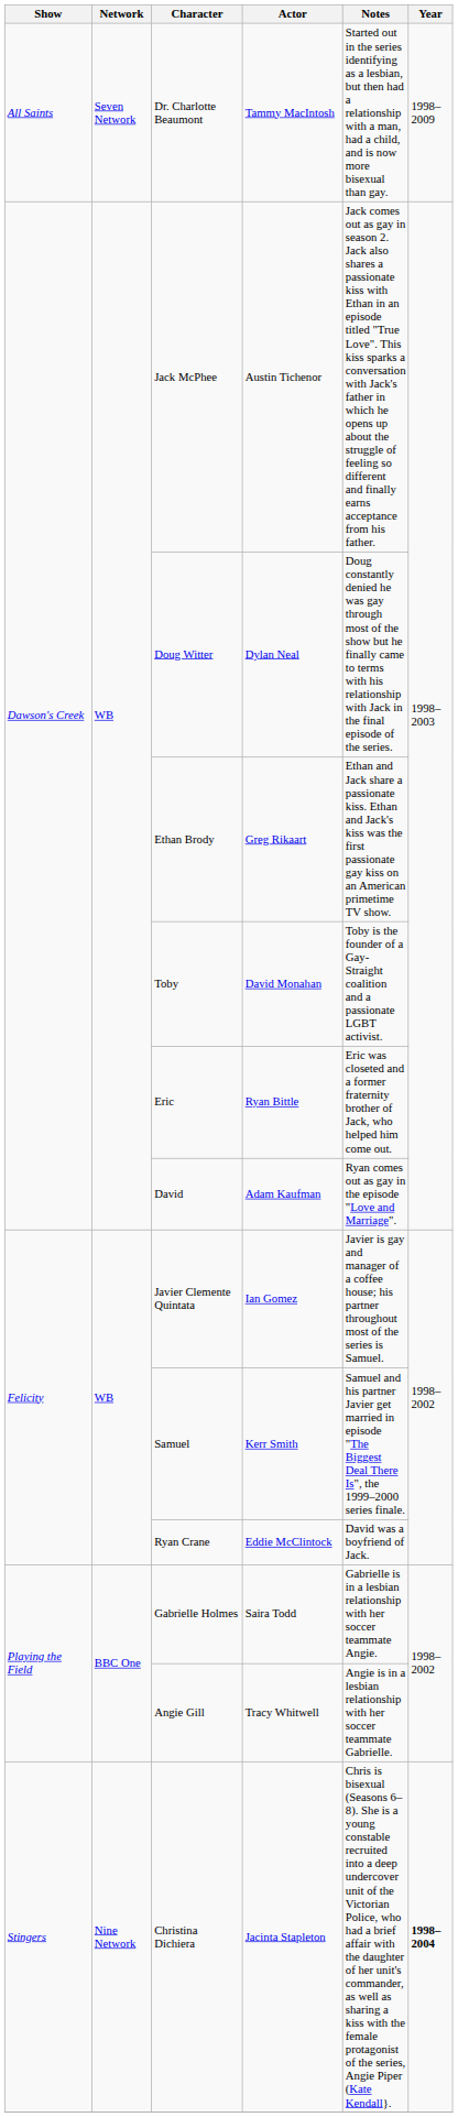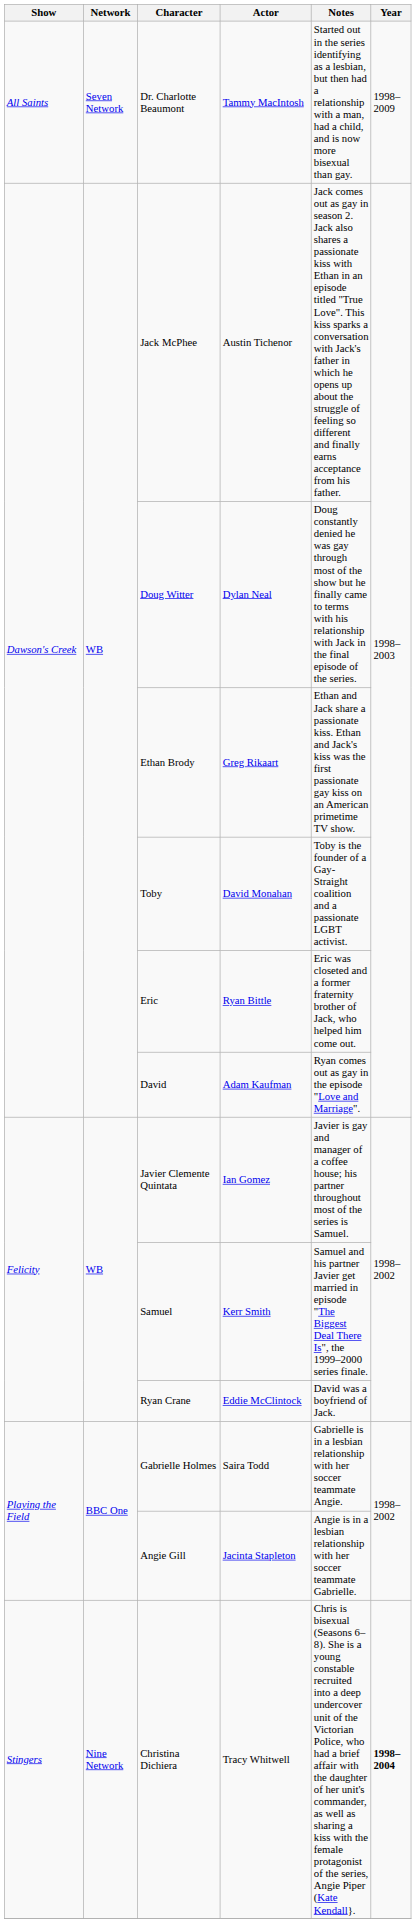 <table class="sortable wikitable" style="margins:auto; width=100%;">
 <tr>
 <th style="width:200px;">Show</th>
 <th style="width:100px;">Network</th>
 <th style="width:200px;">Character</th>
 <th style="width:225px;">Actor</th>
 <th>Notes</th>
 <th style="width:75px;">Year</th>
 </tr>
 <tr>
 <td><em><a href='#'>All Saints</a></em></td>
 <td><a href='#'>Seven Network</a></td>
 <td>Dr. Charlotte Beaumont</td>
 <td><a href='#'>Tammy MacIntosh</a></td>
 <td>Started out in the series identifying as a lesbian, but then had a relationship with a man, had a child, and is now more bisexual than gay.</td>
 <td>1998–2009</td>
 </tr>
 <tr>
 <td rowspan="6"><em><a href='#'>Dawson's Creek</a></em></td>
 <td rowspan="6"><a href='#'>WB</a></td>
 <td>Jack McPhee</td>
 <td>Austin Tichenor</td>
 <td>Jack comes out as gay in season 2. Jack also shares a passionate kiss with Ethan in an episode titled "True Love". This kiss sparks a conversation with Jack's father in which he opens up about the struggle of feeling so different and finally earns acceptance from his father.</td>
 <td rowspan="6">1998–2003</td>
 </tr>
 <tr>
 <td><a href='#'>Doug Witter</a></td>
 <td><a href='#'>Dylan Neal</a></td>
 <td>Doug constantly denied he was gay through most of the show but he finally came to terms with his relationship with Jack in the final episode of the series.</td>
 </tr>
 <tr>
 <td>Ethan Brody</td>
 <td><a href='#'>Greg Rikaart</a></td>
 <td>Ethan and Jack share a passionate kiss. Ethan and Jack's kiss was the first passionate gay kiss on an American primetime TV show.</td>
 </tr>
 <tr>
 <td>Toby</td>
 <td><a href='#'>David Monahan</a></td>
 <td>Toby is the founder of a Gay-Straight coalition and a passionate LGBT activist.</td>
 </tr>
 <tr>
 <td>Eric</td>
 <td><a href='#'>Ryan Bittle</a></td>
 <td>Eric was closeted and a former fraternity brother of Jack, who helped him come out.</td>
 </tr>
 <tr>
 <td>David</td>
 <td><a href='#'>Adam Kaufman</a></td>
 <td>Ryan comes out as gay in the episode "<a href='#'>Love and Marriage</a>".</td>
 </tr>
 <tr>
 <td rowspan="3"><em><a href='#'>Felicity</a></em></td>
 <td rowspan="3"><a href='#'>WB</a></td>
 <td>Javier Clemente Quintata</td>
 <td><a href='#'>Ian Gomez</a></td>
 <td>Javier is gay and manager of a coffee house; his partner throughout most of the series is Samuel.</td>
 <td rowspan="3">1998–2002</td>
 </tr>
 <tr>
 <td>Samuel</td>
 <td><a href='#'>Kerr Smith</a></td>
 <td>Samuel and his partner Javier get married in episode "<a href='#'>The Biggest Deal There Is</a>", the 1999–2000 series finale.</td>
 </tr>
 <tr>
 <td>Ryan Crane</td>
 <td><a href='#'>Eddie McClintock</a></td>
 <td>David was a boyfriend of Jack.</td>
 </tr>
 <tr>
 <td rowspan="2"><em><a href='#'>Playing the Field</a></em></td>
 <td rowspan="2"><a href='#'>BBC One</a></td>
 <td>Gabrielle Holmes</td>
 <td>Saira Todd</td>
 <td>Gabrielle is in a lesbian relationship with her soccer teammate Angie.</td>
 <td rowspan="2">1998–2002</td>
 </tr>
 <tr>
 <td>Angie Gill</td>
-<td>Tracy Whitwell</td>
+<td><a href='#'>Jacinta Stapleton</a></td>
 <td>Angie is in a lesbian relationship with her soccer teammate Gabrielle.</td>
 </tr>
 <tr>
 <td><em><a href='#'>Stingers</a></em></td>
 <td><a href='#'>Nine Network</a></td>
 <td>Christina Dichiera</td>
-<td><a href='#'>Jacinta Stapleton</a></td>
+<td>Tracy Whitwell</td>
 <td>Chris is bisexual (Seasons 6–8). She is a young constable recruited into a deep undercover unit of the Victorian Police, who had a brief affair with the daughter of her unit's commander, as well as sharing a kiss with the female protagonist of the series, Angie Piper (<a href='#'>Kate Kendall</a>}.</td>
 <td><strong>1998–2004</strong></td>
 </tr>
 <tr>
 </tr>
 </table>
